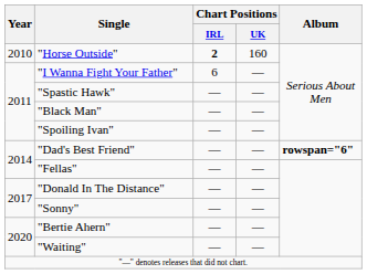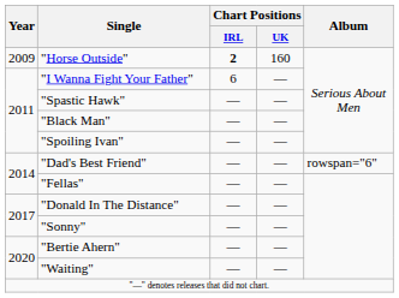 <table class="wikitable">
 <tr>
 <th style="width:30px;" rowspan="2">Year</th>
 <th style="width:200px;" rowspan="2">Single</th>
 <th colspan="2">Chart Positions</th>
 <th style="width:100px;" rowspan="2">Album</th>
 </tr>
 <tr>
 <th style="text-align:center;"><small><a href='#'>IRL</a></small><br></th>
 <th style="text-align:center;"><small><a href='#'>UK</a></small><br></th>
 </tr>
 <tr>
-<td>2010</td>
+<td>2009</td>
 <td>"<a href='#'>Horse Outside</a>"</td>
 <td style="text-align:center;"><strong>2</strong></td>
 <td style="text-align:center;">160</td>
 <td rowspan="5" style="text-align:center;"><em>Serious About Men</em></td>
 </tr>
 <tr>
 <td rowspan="4">2011</td>
 <td>"<a href='#'>I Wanna Fight Your Father</a>"</td>
 <td style="text-align:center;">6</td>
 <td style="text-align:center;">—</td>
 </tr>
 <tr>
 <td>"Spastic Hawk"</td>
 <td style="text-align:center;">—</td>
 <td style="text-align:center;">—</td>
 </tr>
 <tr>
 <td>"Black Man"</td>
 <td style="text-align:center;">—</td>
 <td style="text-align:center;">—</td>
 </tr>
 <tr>
 <td>"Spoiling Ivan"</td>
 <td style="text-align:center;">—</td>
 <td style="text-align:center;">—</td>
 </tr>
 <tr>
 <td rowspan="2">2014</td>
 <td>"Dad's Best Friend"</td>
 <td style="text-align:center;">—</td>
 <td style="text-align:center;">—</td>
-<td><strong>rowspan="6" </strong></td>
+<td>rowspan="6" </td>
 </tr>
 <tr>
 <td>"Fellas"</td>
 <td style="text-align:center;">—</td>
 <td style="text-align:center;">—</td>
 </tr>
 <tr>
 <td rowspan="2">2017</td>
 <td>"Donald In The Distance"</td>
 <td style="text-align:center;">—</td>
 <td style="text-align:center;">—</td>
 </tr>
 <tr>
 <td>"Sonny"</td>
 <td style="text-align:center;">—</td>
 <td style="text-align:center;">—</td>
 </tr>
 <tr>
 <td rowspan="2">2020</td>
 <td>"Bertie Ahern"</td>
 <td style="text-align:center;">—</td>
 <td style="text-align:center;">—</td>
 </tr>
 <tr>
 <td>"Waiting"</td>
 <td style="text-align:center;">—</td>
 <td style="text-align:center;">—</td>
 </tr>
 <tr>
 <td colspan="5"  style="font-size:8pt; text-align:center;">"—" denotes releases that did not chart.</td>
 </tr>
 </table>
